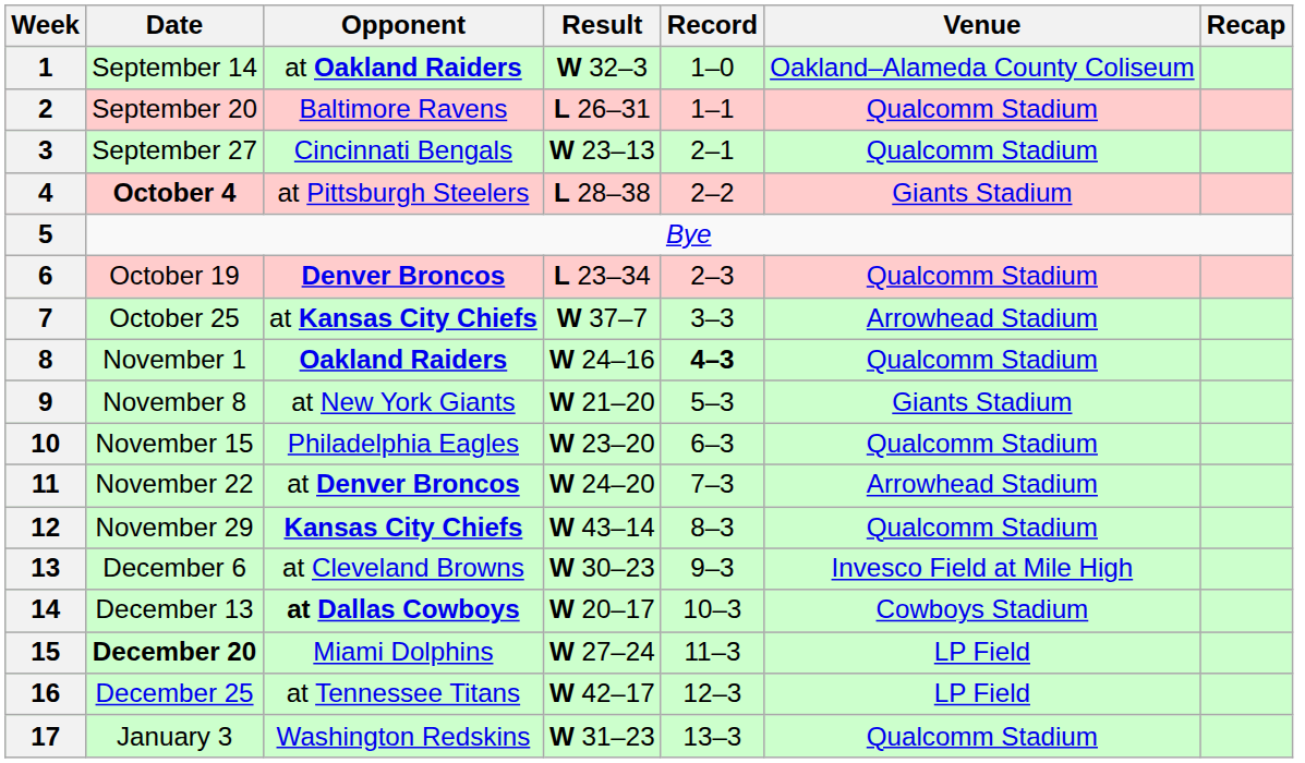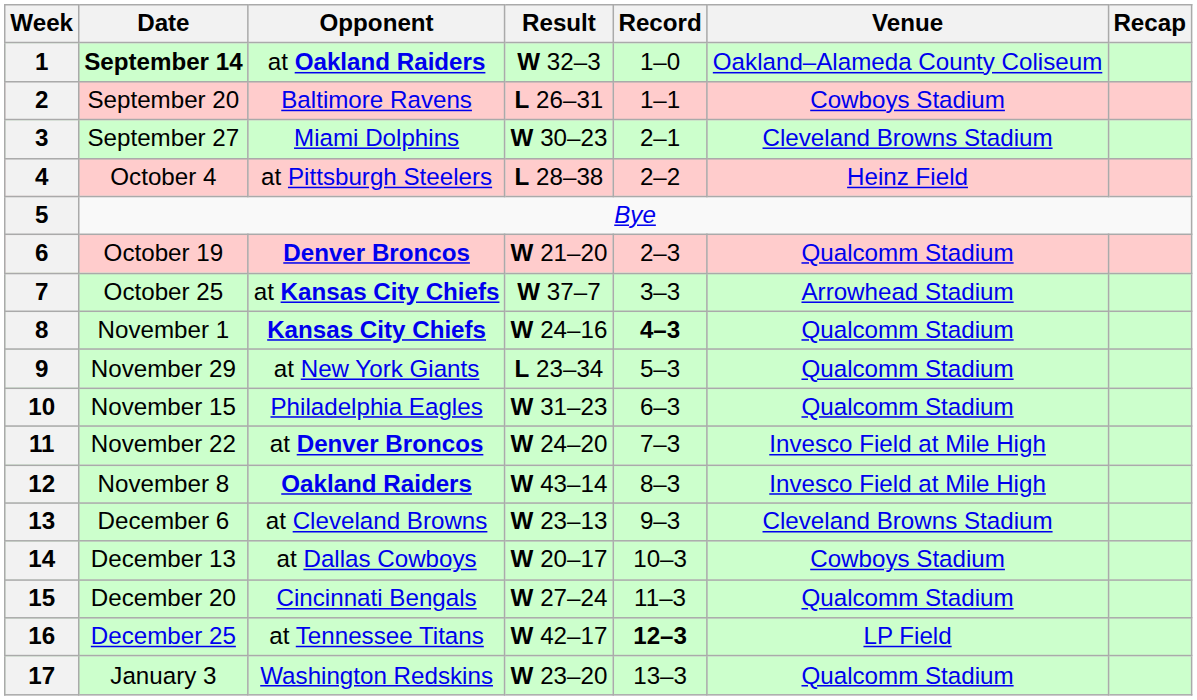 <table class="wikitable" style="text-align:center">
 <tr>
 <th>Week</th>
 <th>Date</th>
 <th>Opponent</th>
 <th>Result</th>
 <th>Record</th>
 <th>Venue</th>
 <th>Recap</th>
 </tr>
 <tr style="background:#cfc;">
 <th>1</th>
-<td>September 14</td>
+<td><strong>September 14</strong></td>
 <td>at <strong><a href='#'>Oakland Raiders</a></strong></td>
 <td><strong>W</strong> 32–3</td>
 <td>1–0</td>
 <td><a href='#'>Oakland–Alameda County Coliseum</a></td>
 <td></td>
 </tr>
 <tr style="background:#fcc;">
 <th>2</th>
 <td>September 20</td>
 <td><a href='#'>Baltimore Ravens</a></td>
 <td><strong>L</strong> 26–31</td>
 <td>1–1</td>
-<td><a href='#'>Qualcomm Stadium</a></td>
+<td><a href='#'>Cowboys Stadium</a></td>
 <td></td>
 </tr>
 <tr style="background:#cfc;">
 <th>3</th>
 <td>September 27</td>
-<td><a href='#'>Cincinnati Bengals</a></td>
-<td><strong>W</strong> 23–13</td>
+<td><a href='#'>Miami Dolphins</a></td>
+<td><strong>W</strong> 30–23</td>
 <td>2–1</td>
-<td><a href='#'>Qualcomm Stadium</a></td>
+<td><a href='#'>Cleveland Browns Stadium</a></td>
 <td></td>
 </tr>
 <tr style="background:#fcc;">
 <th>4</th>
-<td><strong>October 4</strong></td>
+<td>October 4</td>
 <td>at <a href='#'>Pittsburgh Steelers</a></td>
 <td><strong>L</strong> 28–38</td>
 <td>2–2</td>
-<td><a href='#'>Giants Stadium</a></td>
+<td><a href='#'>Heinz Field</a></td>
 <td></td>
 </tr>
 <tr align="center">
 <th>5</th>
 <td colspan="6"><em><a href='#'>Bye</a></em></td>
 </tr>
 <tr style="background:#fcc;">
 <th>6</th>
 <td>October 19</td>
 <td><strong><a href='#'>Denver Broncos</a></strong></td>
-<td><strong>L</strong> 23–34</td>
+<td><strong>W</strong> 21–20</td>
 <td>2–3</td>
 <td><a href='#'>Qualcomm Stadium</a></td>
 <td></td>
 </tr>
 <tr style="background:#cfc;">
 <th>7</th>
 <td>October 25</td>
 <td>at <strong><a href='#'>Kansas City Chiefs</a></strong></td>
 <td><strong>W</strong> 37–7</td>
 <td>3–3</td>
 <td><a href='#'>Arrowhead Stadium</a></td>
 <td></td>
 </tr>
 <tr style="background:#cfc;">
 <th>8</th>
 <td>November 1</td>
-<td><strong><a href='#'>Oakland Raiders</a></strong></td>
+<td><strong><a href='#'>Kansas City Chiefs</a></strong></td>
 <td><strong>W</strong> 24–16</td>
 <td><strong>4–3</strong></td>
 <td><a href='#'>Qualcomm Stadium</a></td>
 <td></td>
 </tr>
 <tr style="background:#cfc;">
 <th>9</th>
-<td>November 8</td>
+<td>November 29</td>
 <td>at <a href='#'>New York Giants</a></td>
-<td><strong>W</strong> 21–20</td>
+<td><strong>L</strong> 23–34</td>
 <td>5–3</td>
-<td><a href='#'>Giants Stadium</a></td>
+<td><a href='#'>Qualcomm Stadium</a></td>
 <td></td>
 </tr>
 <tr style="background:#cfc;">
 <th>10</th>
 <td>November 15</td>
 <td><a href='#'>Philadelphia Eagles</a></td>
-<td><strong>W</strong> 23–20</td>
+<td><strong>W</strong> 31–23</td>
 <td>6–3</td>
 <td><a href='#'>Qualcomm Stadium</a></td>
 <td></td>
 </tr>
 <tr style="background:#cfc;">
 <th>11</th>
 <td>November 22</td>
 <td>at <strong><a href='#'>Denver Broncos</a></strong></td>
 <td><strong>W</strong> 24–20</td>
 <td>7–3</td>
-<td><a href='#'>Arrowhead Stadium</a></td>
+<td><a href='#'>Invesco Field at Mile High</a></td>
 <td></td>
 </tr>
 <tr style="background:#cfc;">
 <th>12</th>
-<td>November 29</td>
-<td><strong><a href='#'>Kansas City Chiefs</a></strong></td>
+<td>November 8</td>
+<td><strong><a href='#'>Oakland Raiders</a></strong></td>
 <td><strong>W</strong> 43–14</td>
 <td>8–3</td>
-<td><a href='#'>Qualcomm Stadium</a></td>
+<td><a href='#'>Invesco Field at Mile High</a></td>
 <td></td>
 </tr>
 <tr style="background:#cfc;">
 <th>13</th>
 <td>December 6</td>
 <td>at <a href='#'>Cleveland Browns</a></td>
-<td><strong>W</strong> 30–23</td>
+<td><strong>W</strong> 23–13</td>
 <td>9–3</td>
-<td><a href='#'>Invesco Field at Mile High</a></td>
+<td><a href='#'>Cleveland Browns Stadium</a></td>
 <td></td>
 </tr>
 <tr style="background:#cfc;">
 <th>14</th>
 <td>December 13</td>
-<td><strong>at <a href='#'>Dallas Cowboys</a></strong></td>
+<td>at <a href='#'>Dallas Cowboys</a></td>
 <td><strong>W</strong> 20–17</td>
 <td>10–3</td>
 <td><a href='#'>Cowboys Stadium</a></td>
 <td></td>
 </tr>
 <tr style="background:#cfc;">
 <th>15</th>
-<td><strong>December 20</strong></td>
-<td><a href='#'>Miami Dolphins</a></td>
+<td>December 20</td>
+<td><a href='#'>Cincinnati Bengals</a></td>
 <td><strong>W</strong> 27–24</td>
 <td>11–3</td>
-<td><a href='#'>LP Field</a></td>
+<td><a href='#'>Qualcomm Stadium</a></td>
 <td></td>
 </tr>
 <tr style="background:#cfc;">
 <th>16</th>
 <td><a href='#'>December 25</a></td>
 <td>at <a href='#'>Tennessee Titans</a></td>
 <td><strong>W</strong> 42–17</td>
-<td>12–3</td>
+<td><strong>12–3</strong></td>
 <td><a href='#'>LP Field</a></td>
 <td></td>
 </tr>
 <tr style="background:#cfc;">
 <th>17</th>
 <td>January 3</td>
 <td><a href='#'>Washington Redskins</a></td>
-<td><strong>W</strong> 31–23</td>
+<td><strong>W</strong> 23–20</td>
 <td>13–3</td>
 <td><a href='#'>Qualcomm Stadium</a></td>
 <td></td>
 </tr>
 </table>
